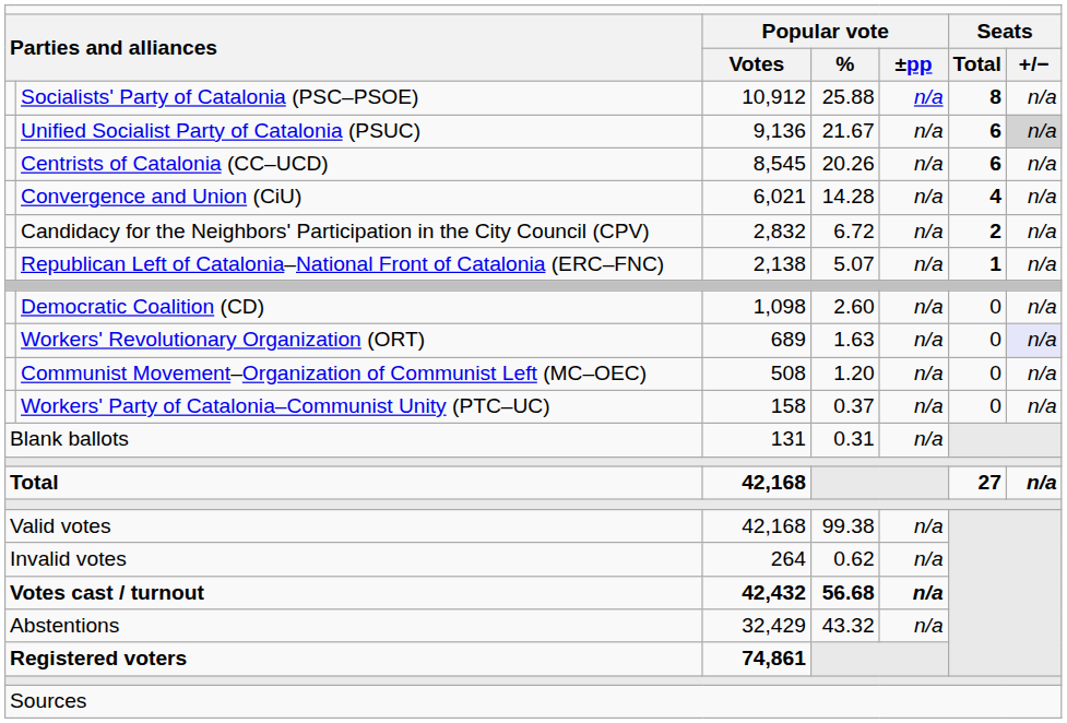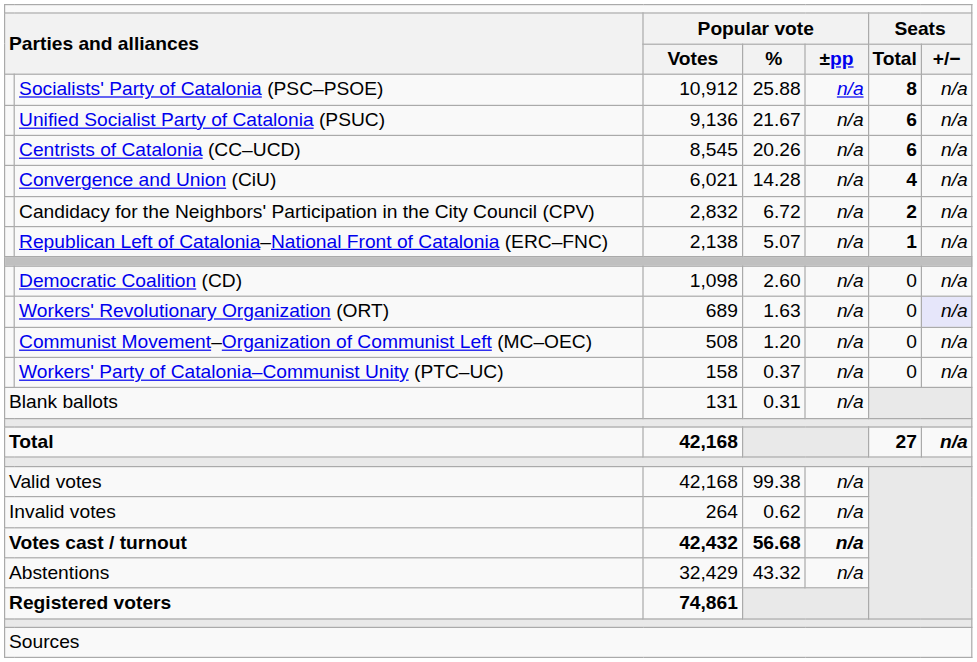 <table class="wikitable" style="text-align:right;">
 <tr>
 <td colspan="7"></td>
 </tr>
 <tr>
 <th style="text-align:left;" rowspan="2" colspan="2" width="525">Parties and alliances</th>
 <th colspan="3">Popular vote</th>
 <th colspan="2">Seats</th>
 </tr>
 <tr>
 <th width="75">Votes</th>
 <th width="45">%</th>
 <th width="45">±<a href='#'>pp</a></th>
 <th width="35">Total</th>
 <th width="35">+/−</th>
 </tr>
 <tr>
 <td width="1" style="color:inherit;background:"></td>
 <td align="left"><a href='#'>Socialists' Party of Catalonia</a> (PSC–PSOE)</td>
 <td>10,912</td>
 <td>25.88</td>
 <td><em><a href='#'>n/a</a></em></td>
 <td><strong>8</strong></td>
 <td><em>n/a</em></td>
 </tr>
 <tr>
 <td style="color:inherit;background:"></td>
 <td align="left"><a href='#'>Unified Socialist Party of Catalonia</a> (PSUC)</td>
 <td>9,136</td>
 <td>21.67</td>
 <td><em>n/a</em></td>
 <td><strong>6</strong></td>
-<td style="background: lightgrey;"><em>n/a</em></td>
+<td><em>n/a</em></td>
 </tr>
 <tr>
 <td style="color:inherit;background:"></td>
 <td align="left"><a href='#'>Centrists of Catalonia</a> (CC–UCD)</td>
 <td>8,545</td>
 <td>20.26</td>
 <td><em>n/a</em></td>
 <td><strong>6</strong></td>
 <td><em>n/a</em></td>
 </tr>
 <tr>
 <td style="color:inherit;background:"></td>
 <td align="left"><a href='#'>Convergence and Union</a> (CiU)</td>
 <td>6,021</td>
 <td>14.28</td>
 <td><em>n/a</em></td>
 <td><strong>4</strong></td>
 <td><em>n/a</em></td>
 </tr>
 <tr>
 <td style="color:inherit;background:"></td>
 <td align="left">Candidacy for the Neighbors' Participation in the City Council (CPV)</td>
 <td>2,832</td>
 <td>6.72</td>
 <td><em>n/a</em></td>
 <td><strong>2</strong></td>
 <td><em>n/a</em></td>
 </tr>
 <tr>
 <td style="color:inherit;background:"></td>
 <td align="left"><a href='#'>Republican Left of Catalonia</a>–<a href='#'>National Front of Catalonia</a> (ERC–FNC)</td>
 <td>2,138</td>
 <td>5.07</td>
 <td><em>n/a</em></td>
 <td><strong>1</strong></td>
 <td><em>n/a</em></td>
 </tr>
 <tr>
 <td colspan="7" style="color:inherit;background:#C0C0C0"></td>
 </tr>
 <tr>
 <td style="color:inherit;background:"></td>
 <td align="left"><a href='#'>Democratic Coalition</a> (CD)</td>
 <td>1,098</td>
 <td>2.60</td>
 <td><em>n/a</em></td>
 <td>0</td>
 <td><em>n/a</em></td>
 </tr>
 <tr>
 <td style="color:inherit;background:"></td>
 <td align="left"><a href='#'>Workers' Revolutionary Organization</a> (ORT)</td>
 <td>689</td>
 <td>1.63</td>
 <td><em>n/a</em></td>
 <td>0</td>
 <td style="background: lavender;"><em>n/a</em></td>
 </tr>
 <tr>
 <td style="color:inherit;background:"></td>
 <td align="left"><a href='#'>Communist Movement</a>–<a href='#'>Organization of Communist Left</a> (MC–OEC)</td>
 <td>508</td>
 <td>1.20</td>
 <td><em>n/a</em></td>
 <td>0</td>
 <td><em>n/a</em></td>
 </tr>
 <tr>
 <td style="color:inherit;background:"></td>
 <td align="left"><a href='#'>Workers' Party of Catalonia–Communist Unity</a> (PTC–UC)</td>
 <td>158</td>
 <td>0.37</td>
 <td><em>n/a</em></td>
 <td>0</td>
 <td><em>n/a</em></td>
 </tr>
 <tr>
 <td align="left" colspan="2">Blank ballots</td>
 <td>131</td>
 <td>0.31</td>
 <td><em>n/a</em></td>
 <td style="color:inherit;background:#E9E9E9" colspan="2"></td>
 </tr>
 <tr>
 <td colspan="7" style="color:inherit;background:#E9E9E9"></td>
 </tr>
 <tr style="font-weight:bold;">
 <td align="left" colspan="2">Total</td>
 <td>42,168</td>
 <td bgcolor="#E9E9E9" colspan="2"></td>
 <td>27</td>
 <td><em>n/a</em></td>
 </tr>
 <tr>
 <td colspan="7" style="color:inherit;background:#E9E9E9"></td>
 </tr>
 <tr>
 <td align="left" colspan="2">Valid votes</td>
 <td>42,168</td>
 <td>99.38</td>
 <td><em>n/a</em></td>
 <td bgcolor="#E9E9E9" colspan="2" rowspan="5"></td>
 </tr>
 <tr>
 <td align="left" colspan="2">Invalid votes</td>
 <td>264</td>
 <td>0.62</td>
 <td><em>n/a</em></td>
 </tr>
 <tr style="font-weight:bold;">
 <td align="left" colspan="2">Votes cast / turnout</td>
 <td>42,432</td>
 <td>56.68</td>
 <td><em>n/a</em></td>
 </tr>
 <tr>
 <td align="left" colspan="2">Abstentions</td>
 <td>32,429</td>
 <td>43.32</td>
 <td><em>n/a</em></td>
 </tr>
 <tr style="font-weight:bold;">
 <td align="left" colspan="2">Registered voters</td>
 <td>74,861</td>
 <td bgcolor="#E9E9E9" colspan="2"></td>
 </tr>
 <tr>
 <td colspan="7" style="color:inherit;background:#E9E9E9"></td>
 </tr>
 <tr>
 <td align="left" colspan="7">Sources</td>
 </tr>
 </table>
